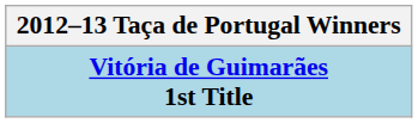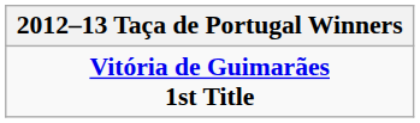 <table class="wikitable" style="text-align: center; margin: 0 auto; width: 20%">
 <tr>
 <th>2012–13 Taça de Portugal Winners</th>
 </tr>
 <tr>
-<td style="background: lightblue;"><strong><a href='#'>Vitória de Guimarães</a></strong><br><strong>1st Title</strong></td>
+<td><strong><a href='#'>Vitória de Guimarães</a></strong><br><strong>1st Title</strong></td>
 </tr>
 </table>
